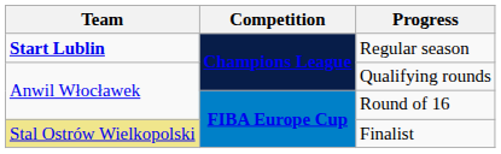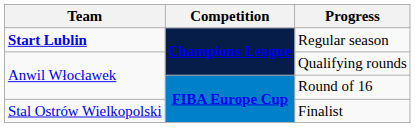 <table class="wikitable sortable">
 <tr>
 <th>Team</th>
 <th>Competition</th>
 <th>Progress</th>
 </tr>
 <tr>
 <td><strong><a href='#'>Start Lublin</a></strong></td>
 <td rowspan="2" style="background-color:#071D49;color:#D0D3D4;text-align:center"><strong><a href='#'><span>Champions League</span></a></strong></td>
 <td>Regular season</td>
 </tr>
 <tr>
 <td rowspan=2><a href='#'>Anwil Włocławek</a></td>
 <td>Qualifying rounds</td>
 </tr>
 <tr>
 <td rowspan="2" style="background-color:#0080C8;color:#D0D3D4;text-align:center"><strong><a href='#'><span>FIBA Europe Cup</span></a></strong></td>
 <td>Round of 16</td>
 </tr>
 <tr>
-<td style="background: khaki;"><a href='#'>Stal Ostrów Wielkopolski</a></td>
+<td><a href='#'>Stal Ostrów Wielkopolski</a></td>
 <td>Finalist</td>
 </tr>
 </table>
